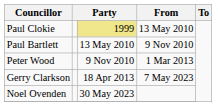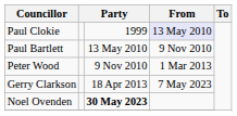 <table class=wikitable>
 <tr>
 <th>Councillor</th>
 <th colspan=2>Party</th>
 <th>From</th>
 <th>To</th>
 </tr>
 <tr>
 <td>Paul Clokie</td>
 <td></td>
-<td align=right style="background: khaki;">1999</td>
-<td align=right>13 May 2010</td>
+<td align=right>1999</td>
+<td align=right style="background: lavender;">13 May 2010</td>
 </tr>
 <tr>
 <td>Paul Bartlett</td>
 <td></td>
 <td align=right>13 May 2010</td>
 <td align=right>9 Nov 2010</td>
 </tr>
 <tr>
 <td>Peter Wood</td>
 <td></td>
 <td align=right>9 Nov 2010</td>
 <td align=right>1 Mar 2013</td>
 </tr>
 <tr>
 <td>Gerry Clarkson</td>
 <td></td>
 <td align=right>18 Apr 2013</td>
 <td align=right>7 May 2023</td>
 </tr>
 <tr>
 <td>Noel Ovenden</td>
 <td></td>
-<td align=right>30 May 2023</td>
+<td align=right><strong>30 May 2023</strong></td>
 <td align=right></td>
 </tr>
 <tr>
 </tr>
 </table>
